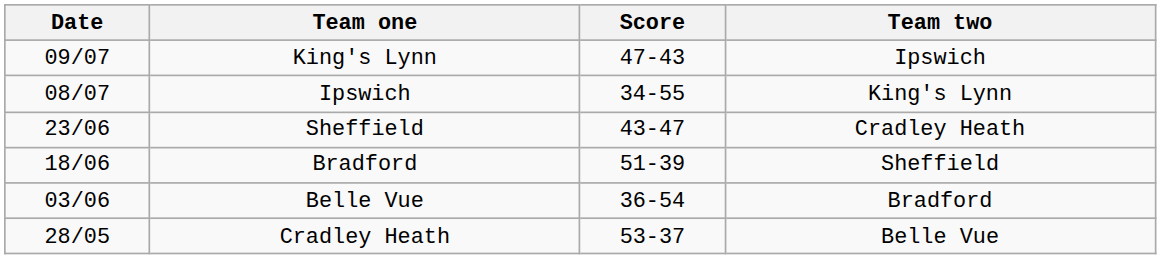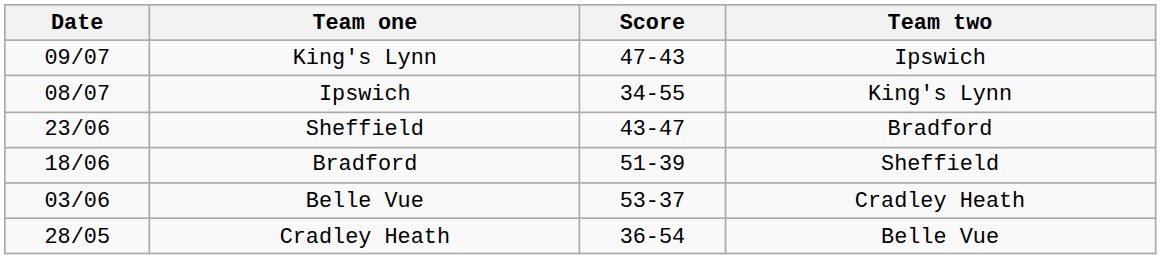 <table class="wikitable" style="text-align: center">
 <tr>
 <th width=80>Date</th>
 <th width=250>Team one</th>
 <th width=80>Score</th>
 <th width=250>Team two</th>
 </tr>
 <tr>
 <td>09/07</td>
 <td>King's Lynn</td>
 <td>47-43</td>
 <td>Ipswich</td>
 </tr>
 <tr>
 <td>08/07</td>
 <td>Ipswich</td>
 <td>34-55</td>
 <td>King's Lynn</td>
 </tr>
 <tr>
 <td>23/06</td>
 <td>Sheffield</td>
 <td>43-47</td>
-<td>Cradley Heath</td>
+<td>Bradford</td>
 </tr>
 <tr>
 <td>18/06</td>
 <td>Bradford</td>
 <td>51-39</td>
 <td>Sheffield</td>
 </tr>
 <tr>
 <td>03/06</td>
 <td>Belle Vue</td>
-<td>36-54</td>
-<td>Bradford</td>
+<td>53-37</td>
+<td>Cradley Heath</td>
 </tr>
 <tr>
 <td>28/05</td>
 <td>Cradley Heath</td>
-<td>53-37</td>
+<td>36-54</td>
 <td>Belle Vue</td>
 </tr>
 </table>
